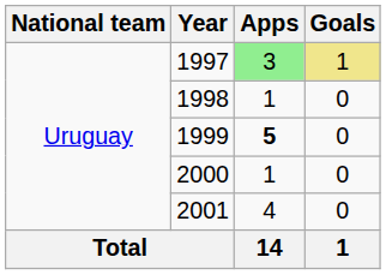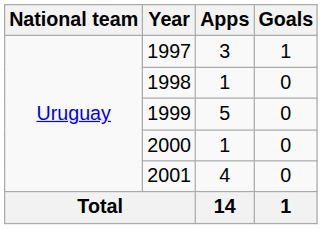 <table class="wikitable" style="text-align:center">
 <tr>
 <th>National team</th>
 <th>Year</th>
 <th>Apps</th>
 <th>Goals</th>
 </tr>
 <tr>
 <td rowspan=5><a href='#'>Uruguay</a></td>
 <td>1997</td>
-<td style="background: lightgreen;">3</td>
-<td style="background: khaki;">1</td>
+<td>3</td>
+<td>1</td>
 </tr>
 <tr>
 <td>1998</td>
 <td>1</td>
 <td>0</td>
 </tr>
 <tr>
 <td>1999</td>
-<td><strong>5</strong></td>
+<td>5</td>
 <td>0</td>
 </tr>
 <tr>
 <td>2000</td>
 <td>1</td>
 <td>0</td>
 </tr>
 <tr>
 <td>2001</td>
 <td>4</td>
 <td>0</td>
 </tr>
 <tr>
 <th colspan=2>Total</th>
 <th>14</th>
 <th>1</th>
 </tr>
 </table>
